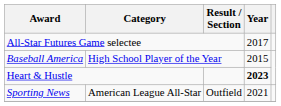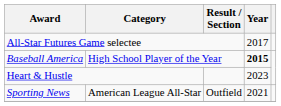 <table class="wikitable">
 <tr>
 <th>Award</th>
 <th>Category</th>
 <th>Result /<br> Section</th>
 <th>Year</th>
 <th></th>
 </tr>
 <tr>
 <td colspan="3"><a href='#'>All-Star Futures Game</a> selectee</td>
 <td style="text-align:center;">2017</td>
 <td style="text-align:center;"></td>
 </tr>
 <tr>
 <td><em><a href='#'>Baseball America</a></em></td>
 <td colspan="2"><a href='#'>High School Player of the Year</a></td>
-<td style="text-align:center;">2015</td>
+<td style="text-align:center;"><strong>2015</strong></td>
 <td rowspan="2" style="text-align:center;"></td>
 </tr>
 <tr>
 <td colspan="2"><a href='#'>Heart & Hustle</a></td>
 <td></td>
-<td style="text-align:center;"><strong>2023</strong></td>
+<td style="text-align:center;">2023</td>
 </tr>
 <tr>
 <td><em><a href='#'>Sporting News</a></em></td>
 <td>American League All-Star</td>
 <td style="text-align:center;">Outfield</td>
 <td style="text-align:center;">2021</td>
 <td style="text-align:center;"></td>
 </tr>
 <tr>
 </tr>
 </table>
